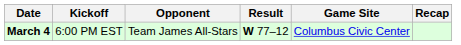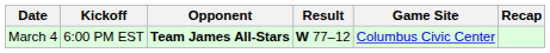 <table class="wikitable">
 <tr>
 <th>Date</th>
 <th>Kickoff</th>
 <th>Opponent</th>
 <th>Result</th>
 <th>Game Site</th>
 <th>Recap</th>
 </tr>
 <tr style="background:#dfd;;">
-<td><strong>March 4</strong></td>
+<td>March 4</td>
 <td>6:00 PM EST</td>
-<td>Team James All-Stars</td>
+<td><strong>Team James All-Stars</strong></td>
 <td style="text-align:center;"><strong>W</strong> 77–12</td>
 <td><a href='#'>Columbus Civic Center</a></td>
 <td></td>
 </tr>
 </table>
